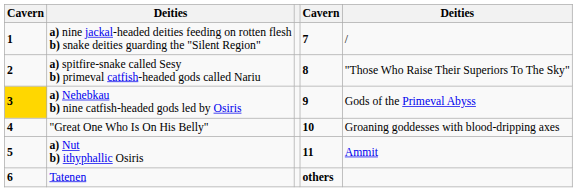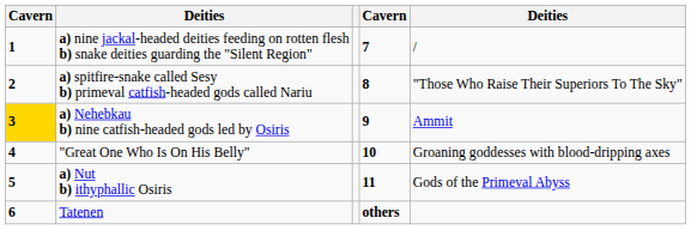 <table class="wikitable">
 <tr>
 <th>Cavern</th>
 <th>Deities</th>
 <th></th>
 <th>Cavern</th>
 <th>Deities</th>
 </tr>
 <tr>
 <td><strong>1</strong></td>
 <td><strong>a)</strong> nine <a href='#'>jackal</a>-headed deities feeding on rotten flesh<br><strong>b)</strong> snake deities guarding the "Silent Region"</td>
 <td></td>
 <td><strong>7</strong></td>
 <td>/</td>
 </tr>
 <tr>
 <td><strong>2</strong></td>
 <td><strong>a)</strong> spitfire-snake called Sesy<br><strong>b)</strong> primeval <a href='#'>catfish</a>-headed gods called Nariu</td>
 <td></td>
 <td><strong>8</strong></td>
 <td>"Those Who Raise Their Superiors To The Sky"</td>
 </tr>
 <tr>
 <td style="background: gold;"><strong>3</strong></td>
 <td><strong>a)</strong> <a href='#'>Nehebkau</a><br><strong>b)</strong> nine catfish-headed gods led by <a href='#'>Osiris</a></td>
 <td></td>
 <td><strong>9</strong></td>
-<td>Gods of the <a href='#'>Primeval Abyss</a></td>
+<td><a href='#'>Ammit</a></td>
 </tr>
 <tr>
 <td><strong>4</strong></td>
 <td>"Great One Who Is On His Belly"</td>
 <td></td>
 <td><strong>10</strong></td>
 <td>Groaning goddesses with blood-dripping axes</td>
 </tr>
 <tr>
 <td><strong>5</strong></td>
 <td><strong>a)</strong> <a href='#'>Nut</a><br><strong>b)</strong> <a href='#'>ithyphallic</a> Osiris</td>
 <td></td>
 <td><strong>11</strong></td>
-<td><a href='#'>Ammit</a></td>
+<td>Gods of the <a href='#'>Primeval Abyss</a></td>
 </tr>
 <tr>
 <td><strong>6</strong></td>
 <td><a href='#'>Tatenen</a></td>
 <td></td>
 <td><strong>others</strong></td>
 </tr>
 </table>
